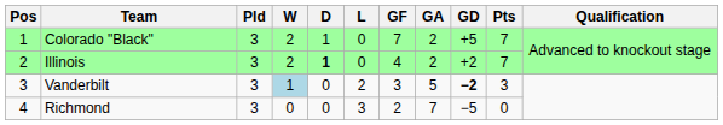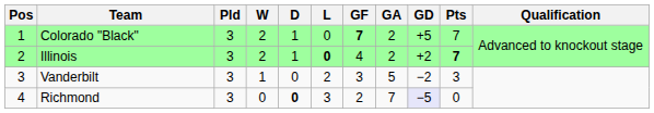 <table class="wikitable" style="text-align:center; margin: 1em auto">
 <tr>
 <th style="width:2em">Pos</th>
 <th style="width:13em">Team</th>
 <th style="width:2em">Pld</th>
 <th style="width:2em">W</th>
 <th style="width:2em">D</th>
 <th style="width:2em">L</th>
 <th style="width:2em">GF</th>
 <th style="width:2em">GA</th>
 <th style="width:2em">GD</th>
 <th style="width:2em">Pts</th>
 <th style="width:13em">Qualification</th>
 </tr>
 <tr bgcolor="#9eff9e">
 <td>1</td>
 <td style="text-align:left">Colorado "Black"</td>
 <td>3</td>
 <td>2</td>
 <td>1</td>
 <td>0</td>
-<td>7</td>
+<td><strong>7</strong></td>
 <td>2</td>
 <td>+5</td>
 <td>7</td>
 <td rowspan="2">Advanced to knockout stage</td>
 </tr>
 <tr bgcolor="#9eff9e">
 <td>2</td>
 <td style="text-align:left">Illinois</td>
 <td>3</td>
 <td>2</td>
-<td><strong>1</strong></td>
-<td>0</td>
+<td>1</td>
+<td><strong>0</strong></td>
 <td>4</td>
 <td>2</td>
 <td>+2</td>
-<td>7</td>
+<td><strong>7</strong></td>
 </tr>
 <tr>
 <td>3</td>
 <td style="text-align:left">Vanderbilt</td>
 <td>3</td>
-<td style="background: lightblue;">1</td>
+<td>1</td>
 <td>0</td>
 <td>2</td>
 <td>3</td>
 <td>5</td>
-<td><strong>−2</strong></td>
+<td>−2</td>
 <td>3</td>
 <td rowspan="2"></td>
 </tr>
 <tr>
 <td>4</td>
 <td style="text-align:left">Richmond</td>
 <td>3</td>
 <td>0</td>
-<td>0</td>
+<td><strong>0</strong></td>
 <td>3</td>
 <td>2</td>
 <td>7</td>
-<td>−5</td>
+<td style="background: lavender;">−5</td>
 <td>0</td>
 </tr>
 </table>
